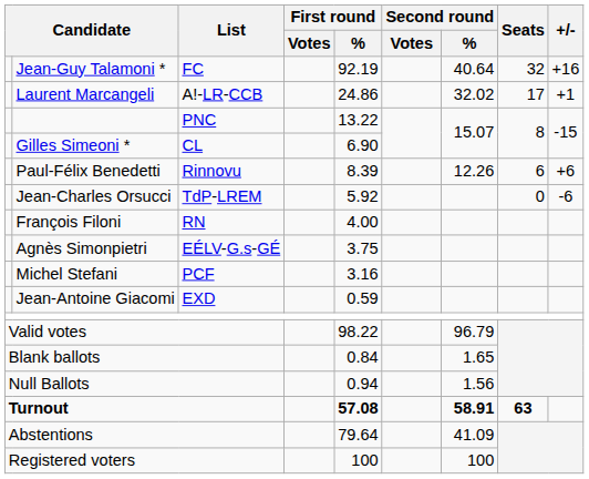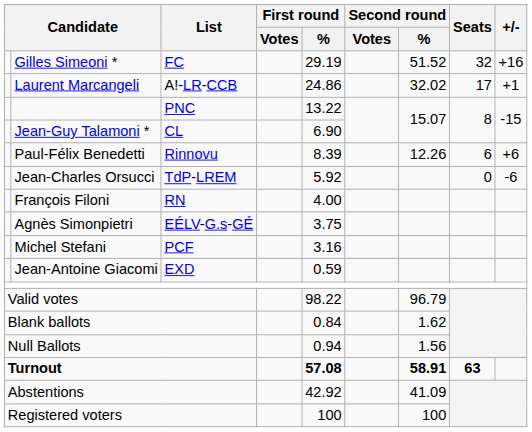 <table class="wikitable centre" style="text-align:right;">
 <tr>
 <th rowspan=2 colspan=2 scope=col>Candidate</th>
 <th rowspan=2 scope=col>List</th>
 <th colspan=2 scope=col>First round</th>
 <th colspan=2 scope=col>Second round</th>
 <th rowspan=2 scope=col>Seats</th>
 <th rowspan=2 scope=col>+/-</th>
 </tr>
 <tr>
 <th scope=col>Votes</th>
 <th scope=col>%</th>
 <th scope=col>Votes</th>
 <th scope=col>%</th>
 </tr>
 <tr>
 <td style="color:inherit;background:"></td>
-<td align="left"><a href='#'>Jean-Guy Talamoni</a> *</td>
+<td align="left"><a href='#'>Gilles Simeoni</a> *</td>
 <td align="left"><a href='#'>FC</a></td>
 <td></td>
-<td>92.19</td>
+<td>29.19</td>
 <td></td>
-<td>40.64</td>
+<td>51.52</td>
 <td>32</td>
 <td align="center">+16</td>
 </tr>
 <tr>
 <td style="color:inherit;background:"></td>
 <td align="left"><a href='#'>Laurent Marcangeli</a></td>
 <td align="left">A!-<a href='#'>LR</a>-<a href='#'>CCB</a></td>
 <td></td>
 <td>24.86</td>
 <td></td>
 <td>32.02</td>
 <td>17</td>
 <td align="center">+1</td>
 </tr>
 <tr>
 <td style="color:inherit;background:"></td>
 <td align="left"></td>
 <td align="left"><a href='#'>PNC</a></td>
 <td></td>
 <td>13.22</td>
 <td rowspan="2"></td>
 <td rowspan="2">15.07</td>
 <td rowspan="2">8</td>
 <td rowspan="2" align="center">-15</td>
 </tr>
 <tr>
 <td style="color:inherit;background:"></td>
-<td align="left"><a href='#'>Gilles Simeoni</a> *</td>
+<td align="left"><a href='#'>Jean-Guy Talamoni</a> *</td>
 <td align="left"><a href='#'>CL</a></td>
 <td></td>
 <td>6.90</td>
 </tr>
 <tr>
 <td style="color:inherit;background:"></td>
 <td align="left">Paul-Félix Benedetti</td>
 <td align="left"><a href='#'>Rinnovu</a></td>
 <td></td>
 <td>8.39</td>
 <td></td>
 <td>12.26</td>
 <td>6</td>
 <td align="center">+6</td>
 </tr>
 <tr>
 <td style="color:inherit;background:"></td>
 <td align="left">Jean-Charles Orsucci</td>
 <td align="left"><a href='#'>TdP</a>-<a href='#'>LREM</a></td>
 <td></td>
 <td>5.92</td>
 <td></td>
 <td></td>
 <td>0</td>
 <td align="center">-6</td>
 </tr>
 <tr>
 <td style="color:inherit;background:"></td>
 <td align="left">François Filoni</td>
 <td align="left"><a href='#'>RN</a></td>
 <td></td>
 <td>4.00</td>
 <td></td>
 <td></td>
 <td></td>
 <td align="center"></td>
 </tr>
 <tr>
 <td style="color:inherit;background:"></td>
 <td align="left">Agnès Simonpietri</td>
 <td align="left"><a href='#'>EÉLV</a>-<a href='#'>G.s</a>-<a href='#'>GÉ</a></td>
 <td></td>
 <td>3.75</td>
 <td></td>
 <td></td>
 <td></td>
 <td align="center"></td>
 </tr>
 <tr>
 <td style="color:inherit;background:"></td>
 <td align="left">Michel Stefani</td>
 <td align="left"><a href='#'>PCF</a></td>
 <td></td>
 <td>3.16</td>
 <td></td>
 <td></td>
 <td></td>
 <td align="center"></td>
 </tr>
 <tr>
 <td style="color:inherit;background:"></td>
 <td align="left">Jean-Antoine Giacomi</td>
 <td align="left"><a href='#'>EXD</a></td>
 <td></td>
 <td>0.59</td>
 <td></td>
 <td></td>
 <td></td>
 <td align="center"></td>
 </tr>
 <tr style="background:white;">
 <td colspan=9></td>
 </tr>
 <tr>
 <td colspan=3 style="text-align:left;">Valid votes</td>
 <td></td>
 <td>98.22</td>
 <td></td>
 <td>96.79</td>
 <td colspan="2" rowspan="3" bgcolor=#F4F4F4></td>
 </tr>
 <tr>
 <td colspan=3 style="text-align:left;">Blank ballots</td>
 <td></td>
 <td>0.84</td>
 <td></td>
-<td>1.65</td>
+<td>1.62</td>
 </tr>
 <tr>
 <td colspan=3 style="text-align:left;">Null Ballots</td>
 <td></td>
 <td>0.94</td>
 <td></td>
 <td>1.56</td>
 </tr>
 <tr style="font-weight:bold;">
 <td colspan=3 style="text-align:left;">Turnout</td>
 <td></td>
 <td>57.08</td>
 <td></td>
 <td>58.91</td>
 <td align=center>63</td>
 <td align=center></td>
 </tr>
 <tr>
 <td colspan=3 style="text-align:left;">Abstentions</td>
 <td></td>
-<td>79.64</td>
+<td>42.92</td>
 <td></td>
 <td>41.09</td>
 <td colspan="2" rowspan="2" bgcolor=#F4F4F4></td>
 </tr>
 <tr>
 <td colspan=3 style="text-align:left;">Registered voters</td>
 <td></td>
 <td>100</td>
 <td></td>
 <td>100</td>
 </tr>
 </table>
